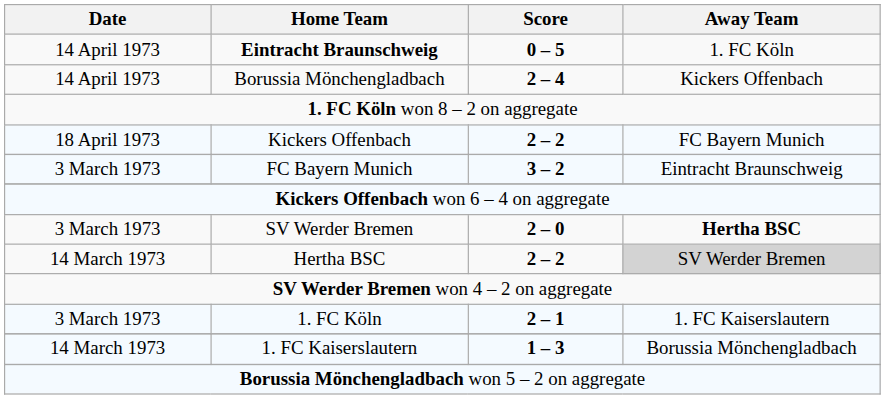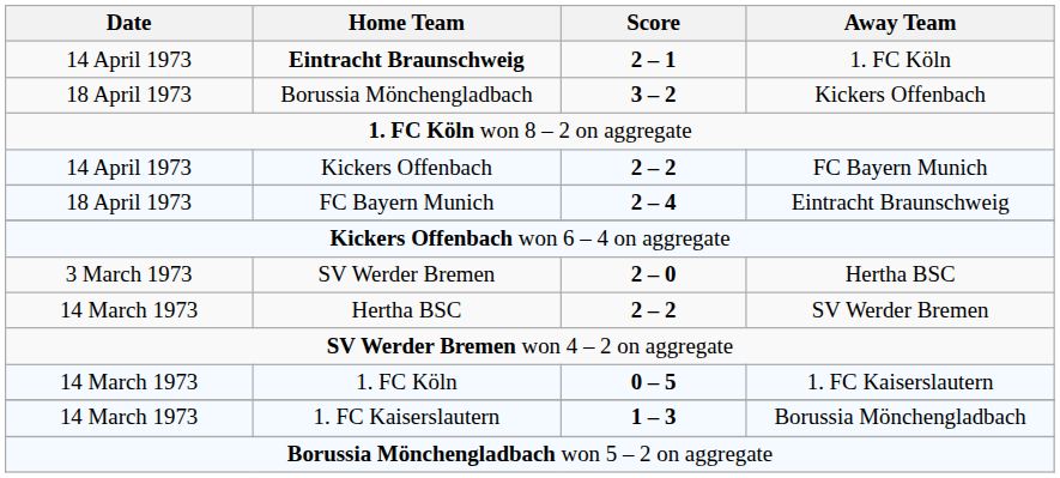 <table class="wikitable" style="text-align: center;">
 <tr>
 <th width=20%>Date</th>
 <th width=25%>Home Team</th>
 <th width=15%>Score</th>
 <th width=25%>Away Team</th>
 </tr>
 <tr>
 <td>14 April 1973</td>
 <td><strong>Eintracht Braunschweig</strong></td>
-<td><strong>0 – 5</strong></td>
+<td><strong>2 – 1</strong></td>
 <td>1. FC Köln</td>
 </tr>
 <tr>
-<td>14 April 1973</td>
+<td>18 April 1973</td>
 <td>Borussia Mönchengladbach</td>
-<td><strong>2 – 4</strong></td>
+<td><strong>3 – 2</strong></td>
 <td>Kickers Offenbach</td>
 </tr>
 <tr>
 <td colspan=4><strong>1. FC Köln</strong> won 8 – 2 on aggregate</td>
 </tr>
 <tr style="background: #F4FAFF;">
-<td>18 April 1973</td>
+<td>14 April 1973</td>
 <td>Kickers Offenbach</td>
 <td><strong>2 – 2</strong></td>
 <td>FC Bayern Munich</td>
 </tr>
 <tr>
 </tr>
 <tr style="background: #F4FAFF;">
-<td>3 March 1973</td>
+<td>18 April 1973</td>
 <td>FC Bayern Munich</td>
-<td><strong>3 – 2</strong></td>
+<td><strong>2 – 4</strong></td>
 <td>Eintracht Braunschweig</td>
 </tr>
 <tr>
 </tr>
 <tr style="background: #F4FAFF;">
 <td colspan=4><strong>Kickers Offenbach</strong> won 6 – 4 on aggregate</td>
 </tr>
 <tr>
 <td>3 March 1973</td>
 <td>SV Werder Bremen</td>
 <td><strong>2 – 0</strong></td>
-<td><strong>Hertha BSC</strong></td>
+<td>Hertha BSC</td>
 </tr>
 <tr>
 <td>14 March 1973</td>
 <td>Hertha BSC</td>
 <td><strong>2 – 2</strong></td>
-<td style="background: lightgrey;">SV Werder Bremen</td>
+<td>SV Werder Bremen</td>
 </tr>
 <tr>
 <td colspan=4><strong>SV Werder Bremen</strong> won 4 – 2 on aggregate</td>
 </tr>
 <tr style="background: #F4FAFF;">
-<td>3 March 1973</td>
+<td>14 March 1973</td>
 <td>1. FC Köln</td>
-<td><strong>2 – 1</strong></td>
+<td><strong>0 – 5</strong></td>
 <td>1. FC Kaiserslautern</td>
 </tr>
 <tr>
 </tr>
 <tr style="background: #F4FAFF;">
 <td>14 March 1973</td>
 <td>1. FC Kaiserslautern</td>
 <td><strong>1 – 3<br></strong></td>
 <td>Borussia Mönchengladbach</td>
 </tr>
 <tr>
 </tr>
 <tr style="background: #F4FAFF;">
 <td colspan=4><strong>Borussia Mönchengladbach</strong> won 5 – 2 on aggregate</td>
 </tr>
 </table>
